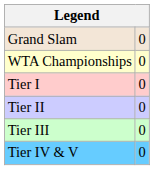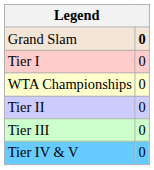 <table class="wikitable sortable mw-collapsible mw-collapsed">
 <tr>
 <th colspan=2>Legend</th>
 </tr>
 <tr style="background:#f3e6d7;">
 <td>Grand Slam</td>
+<td align="center"><strong>0</strong></td>
+</tr>
+<tr bgcolor="#ffcccc">
+<td>Tier I</td>
 <td align="center">0</td>
 </tr>
 <tr style="background:#ffc;">
 <td>WTA Championships</td>
-<td align="center">0</td>
-</tr>
-<tr bgcolor="#ffcccc">
-<td>Tier I</td>
 <td align="center">0</td>
 </tr>
 <tr style="background:#ccccff;">
 <td>Tier II</td>
 <td align="center">0</td>
 </tr>
 <tr bgcolor="#CCFFCC">
 <td>Tier III</td>
 <td align="center">0</td>
 </tr>
 <tr style="background:#66ccff;">
 <td>Tier IV & V</td>
 <td align="center">0</td>
 </tr>
 </table>
